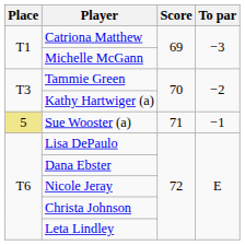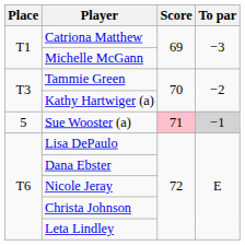 <table class="wikitable">
 <tr>
 <th>Place</th>
 <th>Player</th>
 <th>Score</th>
 <th>To par</th>
 </tr>
 <tr>
 <td rowspan=2 align=center>T1</td>
 <td> <a href='#'>Catriona Matthew</a></td>
 <td rowspan=2 align=center>69</td>
 <td rowspan=2 align=center>−3</td>
 </tr>
 <tr>
 <td> <a href='#'>Michelle McGann</a></td>
 </tr>
 <tr>
 <td rowspan=2 align=center>T3</td>
 <td> <a href='#'>Tammie Green</a></td>
 <td rowspan=2 align=center>70</td>
 <td rowspan=2 align=center>−2</td>
 </tr>
 <tr>
 <td> <a href='#'>Kathy Hartwiger</a> (a)</td>
 </tr>
 <tr>
-<td align=center style="background: khaki;">5</td>
+<td align=center>5</td>
 <td> <a href='#'>Sue Wooster</a> (a)</td>
-<td align=center>71</td>
-<td align=center>−1</td>
+<td align=center style="background: pink;">71</td>
+<td align=center style="background: lightgrey;">−1</td>
 </tr>
 <tr>
 <td rowspan=5 align=center>T6</td>
 <td> <a href='#'>Lisa DePaulo</a></td>
 <td rowspan=5 align=center>72</td>
 <td rowspan=5 align=center>E</td>
 </tr>
 <tr>
 <td> <a href='#'>Dana Ebster</a></td>
 </tr>
 <tr>
 <td> <a href='#'>Nicole Jeray</a></td>
 </tr>
 <tr>
 <td> <a href='#'>Christa Johnson</a></td>
 </tr>
 <tr>
 <td> <a href='#'>Leta Lindley</a></td>
 </tr>
 </table>
